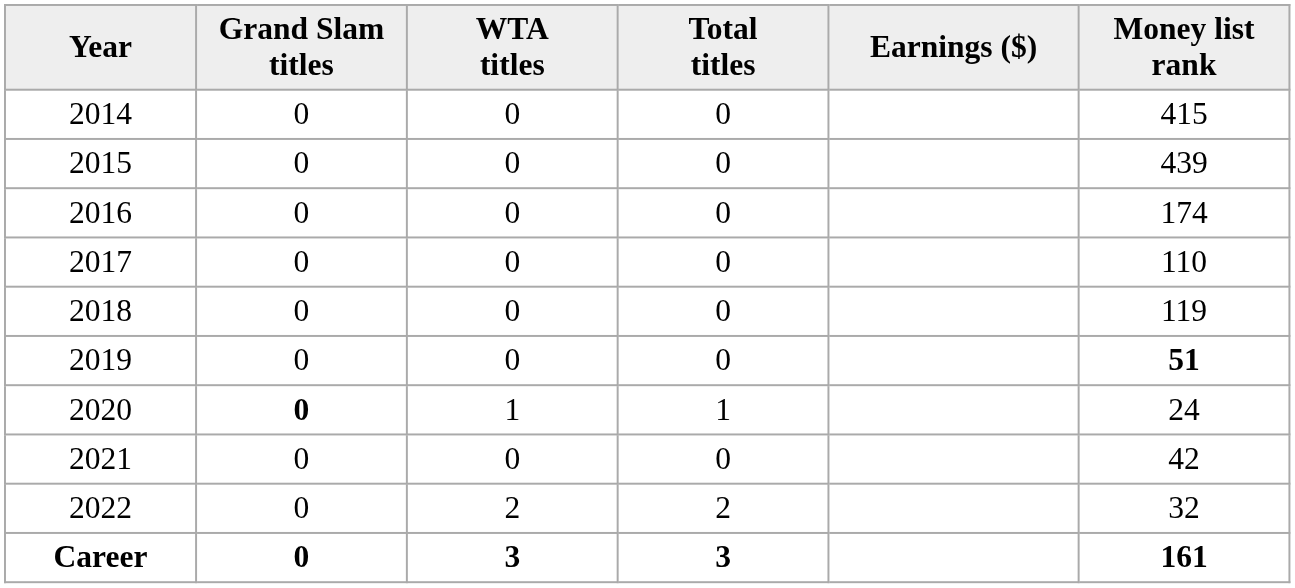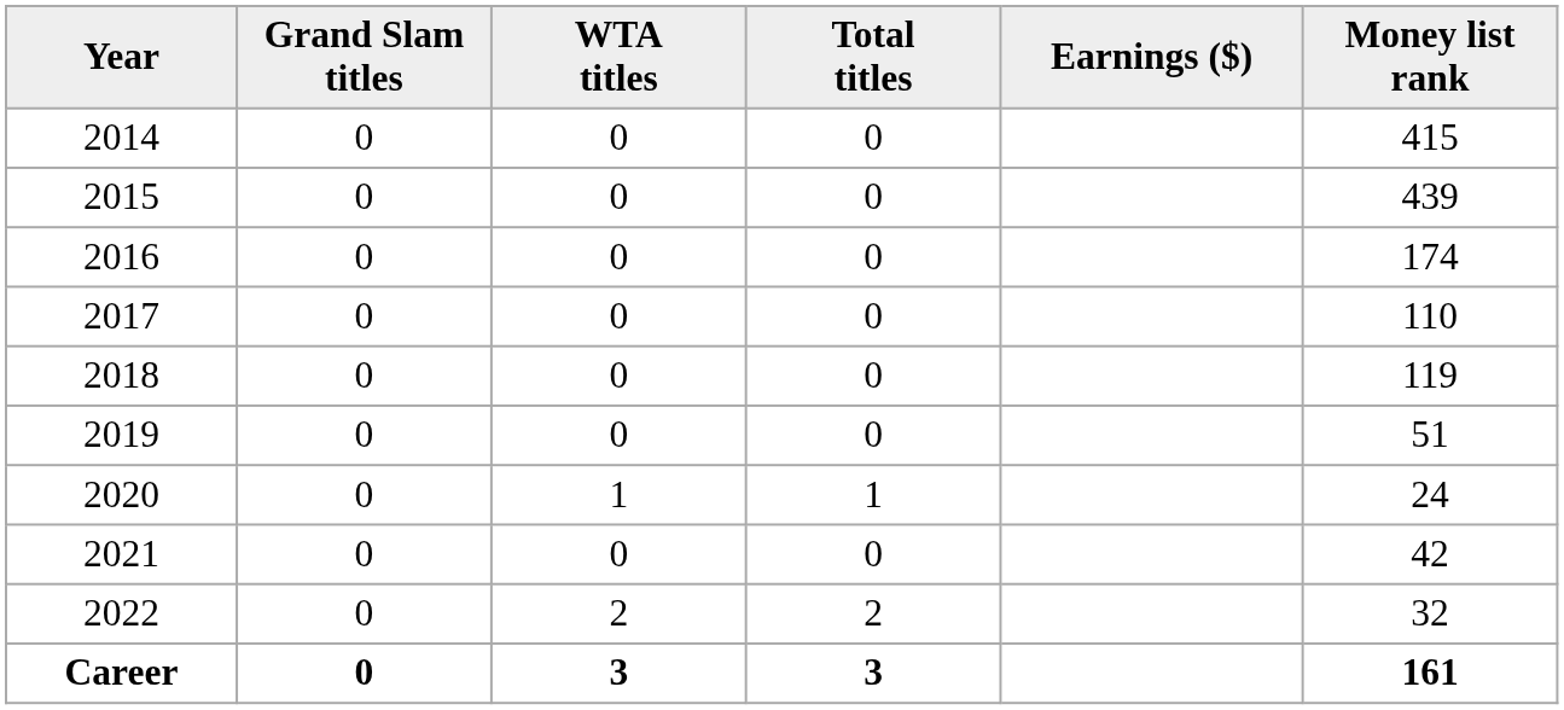 <table cellpadding=3 cellspacing=0 border=1 style=border:#aaa;solid:1px;border-collapse:collapse;text-align:center;>
 <tr style=background:#eee;font-weight:bold>
 <td width="90">Year</td>
 <td width="100">Grand Slam <br>titles</td>
 <td width="100">WTA <br>titles</td>
 <td width="100">Total <br>titles</td>
 <td width="120">Earnings ($)</td>
 <td width="100">Money list rank</td>
 </tr>
 <tr>
 <td>2014</td>
 <td>0</td>
 <td>0</td>
 <td>0</td>
 <td align="right"></td>
 <td>415</td>
 </tr>
 <tr>
 <td>2015</td>
 <td>0</td>
 <td>0</td>
 <td>0</td>
 <td align="right"></td>
 <td>439</td>
 </tr>
 <tr>
 <td>2016</td>
 <td>0</td>
 <td>0</td>
 <td>0</td>
 <td align="right"></td>
 <td>174</td>
 </tr>
 <tr>
 <td>2017</td>
 <td>0</td>
 <td>0</td>
 <td>0</td>
 <td align="right"></td>
 <td>110</td>
 </tr>
 <tr>
 <td>2018</td>
 <td>0</td>
 <td>0</td>
 <td>0</td>
 <td align="right"></td>
 <td>119</td>
 </tr>
 <tr>
 <td>2019</td>
 <td>0</td>
 <td>0</td>
 <td>0</td>
 <td align="right"></td>
-<td><strong>51</strong></td>
+<td>51</td>
 </tr>
 <tr>
 <td>2020</td>
-<td><strong>0</strong></td>
+<td>0</td>
 <td>1</td>
 <td>1</td>
 <td align="right"></td>
 <td>24</td>
 </tr>
 <tr>
 <td>2021</td>
 <td>0</td>
 <td>0</td>
 <td>0</td>
 <td align="right"></td>
 <td>42</td>
 </tr>
 <tr>
 <td>2022</td>
 <td>0</td>
 <td>2</td>
 <td>2</td>
 <td align="right"></td>
 <td>32</td>
 </tr>
 <tr style="font-weight:bold;">
 <td>Career</td>
 <td>0</td>
 <td>3</td>
 <td>3</td>
 <td align="right"></td>
 <td>161</td>
 </tr>
 </table>
